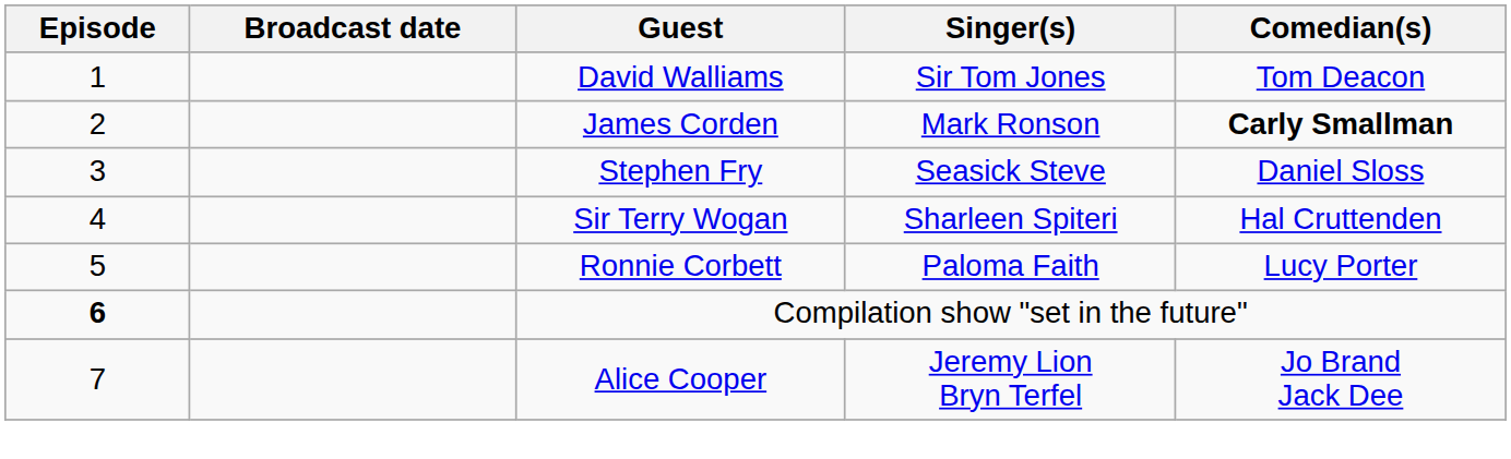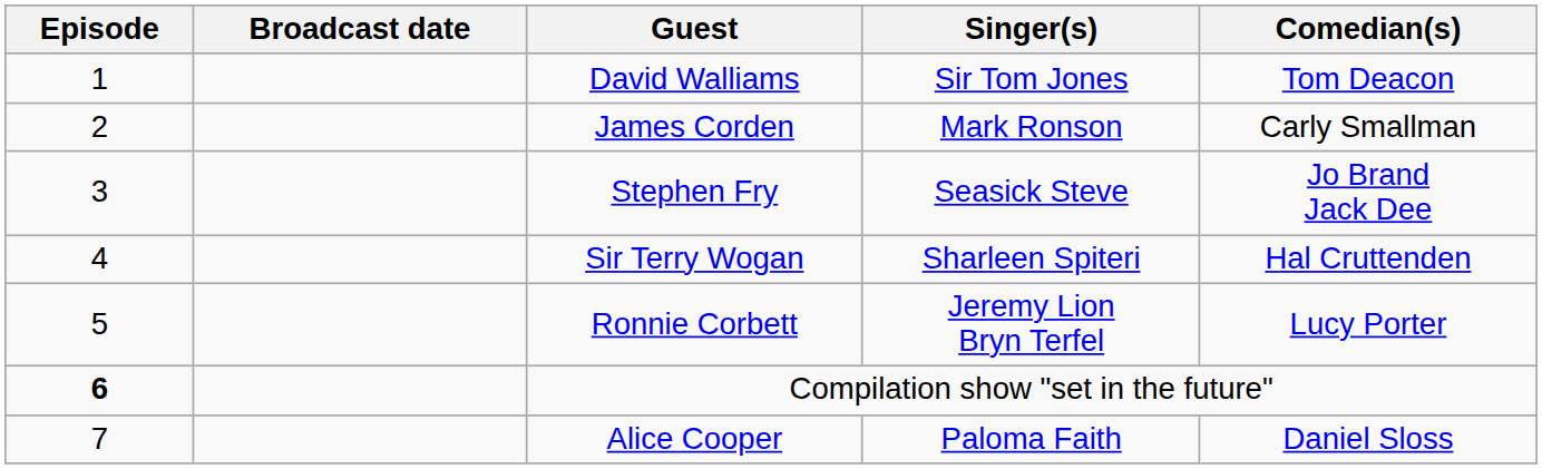 <table class="wikitable"  style="width:800px; text-align:center;">
 <tr>
 <th>Episode</th>
 <th>Broadcast date</th>
 <th style="width:22%;">Guest</th>
 <th style="width:22%;">Singer(s)</th>
 <th style="width:22%;">Comedian(s)</th>
 </tr>
 <tr>
 <td>1</td>
 <td></td>
 <td><a href='#'>David Walliams</a></td>
 <td><a href='#'>Sir Tom Jones</a></td>
 <td><a href='#'>Tom Deacon</a></td>
 </tr>
 <tr>
 <td>2</td>
 <td></td>
 <td><a href='#'>James Corden</a></td>
 <td><a href='#'>Mark Ronson</a></td>
-<td><strong>Carly Smallman</strong></td>
+<td>Carly Smallman</td>
 </tr>
 <tr>
 <td>3</td>
 <td></td>
 <td><a href='#'>Stephen Fry</a></td>
 <td><a href='#'>Seasick Steve</a></td>
-<td><a href='#'>Daniel Sloss</a></td>
+<td><a href='#'>Jo Brand</a><br><a href='#'>Jack Dee</a></td>
 </tr>
 <tr>
 <td>4</td>
 <td></td>
 <td><a href='#'>Sir Terry Wogan</a></td>
 <td><a href='#'>Sharleen Spiteri</a></td>
 <td><a href='#'>Hal Cruttenden</a></td>
 </tr>
 <tr>
 <td>5</td>
 <td></td>
 <td><a href='#'>Ronnie Corbett</a></td>
-<td><a href='#'>Paloma Faith</a></td>
+<td><a href='#'>Jeremy Lion</a><br><a href='#'>Bryn Terfel</a></td>
 <td><a href='#'>Lucy Porter</a></td>
 </tr>
 <tr>
 <td><strong>6</strong></td>
 <td></td>
 <td colspan="3">Compilation show "set in the future"</td>
 </tr>
 <tr>
 <td>7</td>
 <td></td>
 <td><a href='#'>Alice Cooper</a></td>
-<td><a href='#'>Jeremy Lion</a><br><a href='#'>Bryn Terfel</a></td>
-<td><a href='#'>Jo Brand</a><br><a href='#'>Jack Dee</a></td>
+<td><a href='#'>Paloma Faith</a></td>
+<td><a href='#'>Daniel Sloss</a></td>
 </tr>
 </table>
